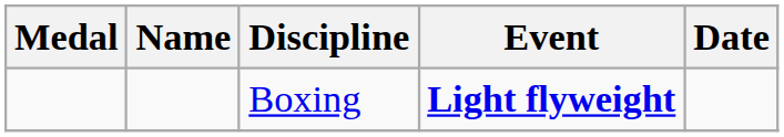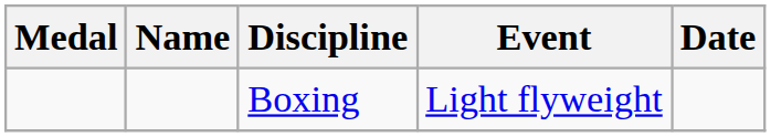 <table class="wikitable sortable"  style="font-size:95%">
 <tr>
 <th>Medal</th>
 <th>Name</th>
 <th>Discipline</th>
 <th>Event</th>
 <th>Date</th>
 </tr>
 <tr>
 <td></td>
 <td></td>
 <td><a href='#'>Boxing</a></td>
-<td><strong><a href='#'>Light flyweight</a></strong></td>
+<td><a href='#'>Light flyweight</a></td>
 <td></td>
 </tr>
 <tr>
 </tr>
 </table>
